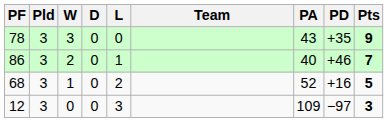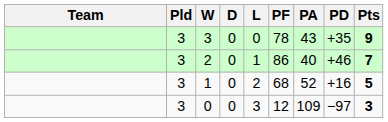 <table class="wikitable" style="text-align:center;">
 <tr>
-<th style="width:20px;" abbr="Points for">PF</th>
+<th width=175>Team</th>
 <th style="width:20px;" abbr="Played">Pld</th>
 <th style="width:20px;" abbr="Won">W</th>
 <th style="width:20px;" abbr="Drawn">D</th>
 <th style="width:20px;" abbr="Lost">L</th>
-<th width=175>Team</th>
+<th style="width:20px;" abbr="Points for">PF</th>
 <th style="width:20px;" abbr="Points against">PA</th>
 <th style="width:25px;" abbr="Points difference">PD</th>
 <th style="width:20px;" abbr="Points">Pts</th>
 </tr>
 <tr style="background:#cfc;">
-<td>78</td>
+<td align=left></td>
 <td>3</td>
 <td>3</td>
 <td>0</td>
 <td>0</td>
-<td align=left></td>
+<td>78</td>
 <td>43</td>
 <td>+35</td>
 <td><strong>9</strong></td>
 </tr>
 <tr style="background:#cfc;">
-<td>86</td>
+<td align=left></td>
 <td>3</td>
 <td>2</td>
 <td>0</td>
 <td>1</td>
-<td align=left></td>
+<td>86</td>
 <td>40</td>
 <td>+46</td>
 <td><strong>7</strong></td>
 </tr>
 <tr>
-<td>68</td>
+<td align=left></td>
 <td>3</td>
 <td>1</td>
 <td>0</td>
 <td>2</td>
-<td align=left></td>
+<td>68</td>
 <td>52</td>
 <td>+16</td>
 <td><strong>5</strong></td>
 </tr>
 <tr>
-<td>12</td>
+<td align=left></td>
 <td>3</td>
 <td>0</td>
 <td>0</td>
 <td>3</td>
-<td align=left></td>
+<td>12</td>
 <td>109</td>
 <td>−97</td>
 <td><strong>3</strong></td>
 </tr>
 </table>
